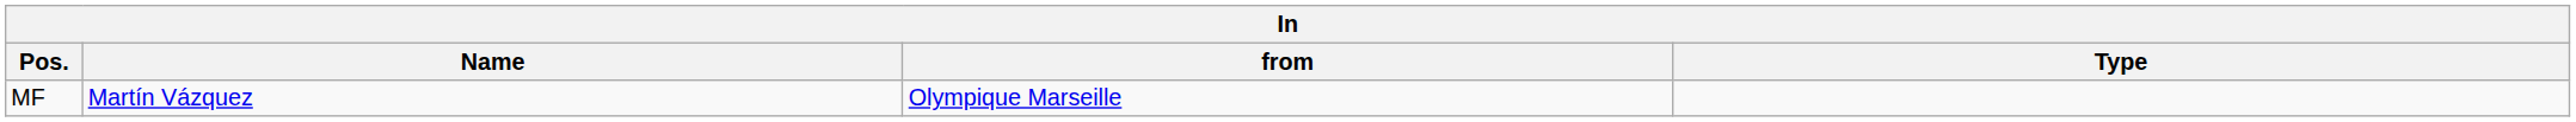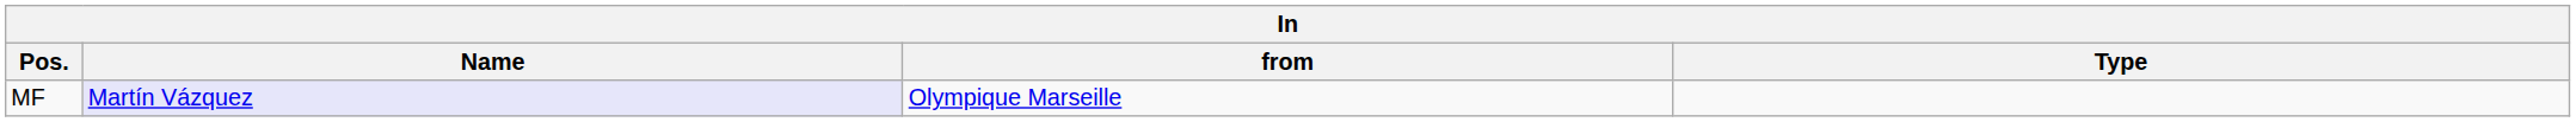 <table class="wikitable" style="font-size:90%;width:99%;">
 <tr>
 <th colspan="4">In</th>
 </tr>
 <tr>
 <th width=3%>Pos.</th>
 <th width=32%>Name</th>
 <th width=30%>from</th>
 <th width=35%>Type</th>
 </tr>
 <tr>
 <td>MF</td>
-<td><a href='#'>Martín Vázquez</a></td>
+<td style="background: lavender;"><a href='#'>Martín Vázquez</a></td>
 <td><a href='#'>Olympique Marseille</a></td>
 <td></td>
 </tr>
 </table>
